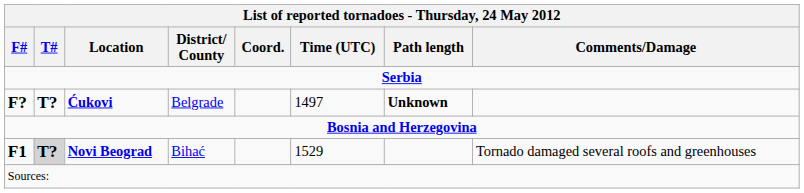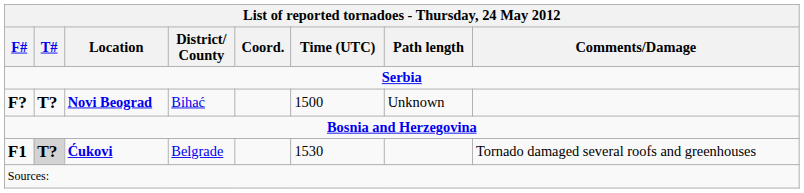 <table class="wikitable collapsible" width="100%">
 <tr>
 <th colspan="8">List of reported tornadoes - Thursday, 24 May 2012</th>
 </tr>
 <tr>
 <th><a href='#'>F#</a></th>
 <th><a href='#'>T#</a></th>
 <th>Location</th>
 <th>District/<br>County</th>
 <th>Coord.</th>
 <th>Time (UTC)</th>
 <th>Path length</th>
 <th>Comments/Damage</th>
 </tr>
 <tr>
 <td colspan="8" align=center><strong><a href='#'>Serbia</a></strong></td>
 </tr>
 <tr>
 <td><big><strong>F?</strong></big></td>
 <td><big><strong>T?</strong></big></td>
-<td><strong><a href='#'>Ćukovi</a></strong></td>
-<td><a href='#'>Belgrade</a></td>
+<td><strong><a href='#'>Novi Beograd</a></strong></td>
+<td><a href='#'>Bihać</a></td>
 <td></td>
-<td>1497</td>
-<td><strong>Unknown</strong></td>
+<td>1500</td>
+<td>Unknown</td>
 <td></td>
 </tr>
 <tr>
 <td colspan="8" align=center><strong><a href='#'>Bosnia and Herzegovina</a></strong></td>
 </tr>
 <tr>
 <td><big><strong>F1</strong></big></td>
 <td style="background: lightgrey;"><big><strong>T?</strong></big></td>
-<td><strong><a href='#'>Novi Beograd</a></strong></td>
-<td><a href='#'>Bihać</a></td>
+<td><strong><a href='#'>Ćukovi</a></strong></td>
+<td><a href='#'>Belgrade</a></td>
 <td></td>
-<td>1529</td>
+<td>1530</td>
 <td></td>
 <td>Tornado damaged several roofs and greenhouses</td>
 </tr>
 <tr>
 <td colspan="8"><small>Sources:  </small></td>
 </tr>
 </table>
